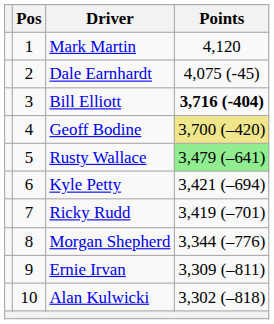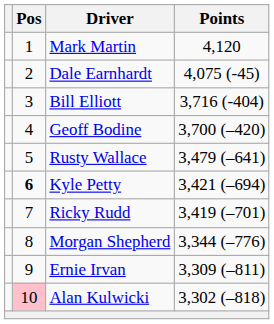 <table class="wikitable" style="font-size: 95%;">
 <tr>
 <th></th>
 <th>Pos</th>
 <th>Driver</th>
 <th>Points</th>
 </tr>
 <tr>
 <td align="left"></td>
 <td style="text-align:center;">1</td>
 <td><a href='#'>Mark Martin</a></td>
 <td style="text-align:center;">4,120</td>
 </tr>
 <tr>
 <td align="left"></td>
 <td style="text-align:center;">2</td>
 <td><a href='#'>Dale Earnhardt</a></td>
 <td style="text-align:center;">4,075 (-45)</td>
 </tr>
 <tr>
 <td align="left"></td>
 <td style="text-align:center;">3</td>
 <td><a href='#'>Bill Elliott</a></td>
-<td style="text-align:center;"><strong>3,716 (-404)</strong></td>
+<td style="text-align:center;">3,716 (-404)</td>
 </tr>
 <tr>
 <td align="left"></td>
 <td style="text-align:center;">4</td>
 <td><a href='#'>Geoff Bodine</a></td>
-<td style="background: khaki; text-align:center;">3,700 (–420)</td>
+<td style="text-align:center;">3,700 (–420)</td>
 </tr>
 <tr>
 <td align="left"></td>
 <td style="text-align:center;">5</td>
 <td><a href='#'>Rusty Wallace</a></td>
-<td style="background: lightgreen; text-align:center;">3,479 (–641)</td>
+<td style="text-align:center;">3,479 (–641)</td>
 </tr>
 <tr>
 <td align="left"></td>
-<td style="text-align:center;">6</td>
+<td style="text-align:center;"><strong>6</strong></td>
 <td><a href='#'>Kyle Petty</a></td>
 <td style="text-align:center;">3,421 (–694)</td>
 </tr>
 <tr>
 <td align="left"></td>
 <td style="text-align:center;">7</td>
 <td><a href='#'>Ricky Rudd</a></td>
 <td style="text-align:center;">3,419 (–701)</td>
 </tr>
 <tr>
 <td align="left"></td>
 <td style="text-align:center;">8</td>
 <td><a href='#'>Morgan Shepherd</a></td>
 <td style="text-align:center;">3,344 (–776)</td>
 </tr>
 <tr>
 <td align="left"></td>
 <td style="text-align:center;">9</td>
 <td><a href='#'>Ernie Irvan</a></td>
 <td style="text-align:center;">3,309 (–811)</td>
 </tr>
 <tr>
 <td align="left"></td>
-<td style="text-align:center;">10</td>
+<td style="background: pink; text-align:center;">10</td>
 <td><a href='#'>Alan Kulwicki</a></td>
 <td style="text-align:center;">3,302 (–818)</td>
 </tr>
 <tr class="sortbottom">
 <th colspan="9"></th>
 </tr>
 </table>
